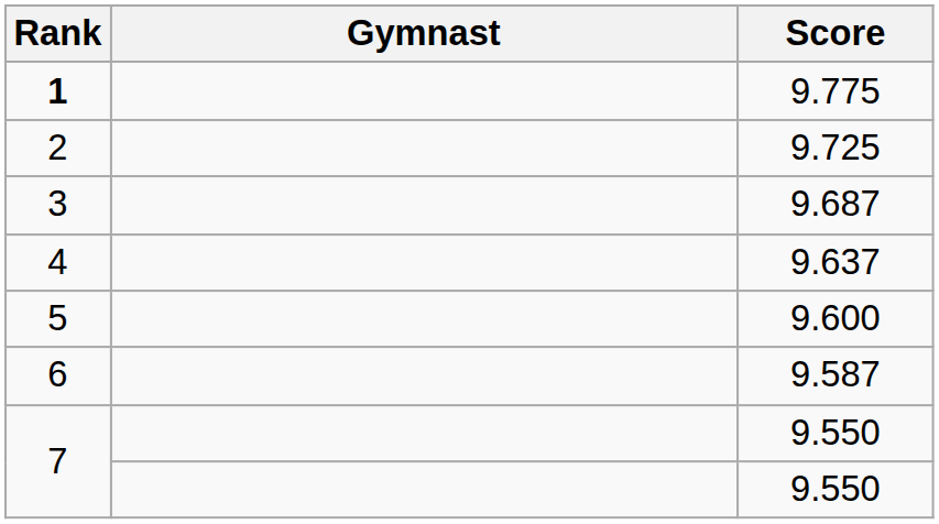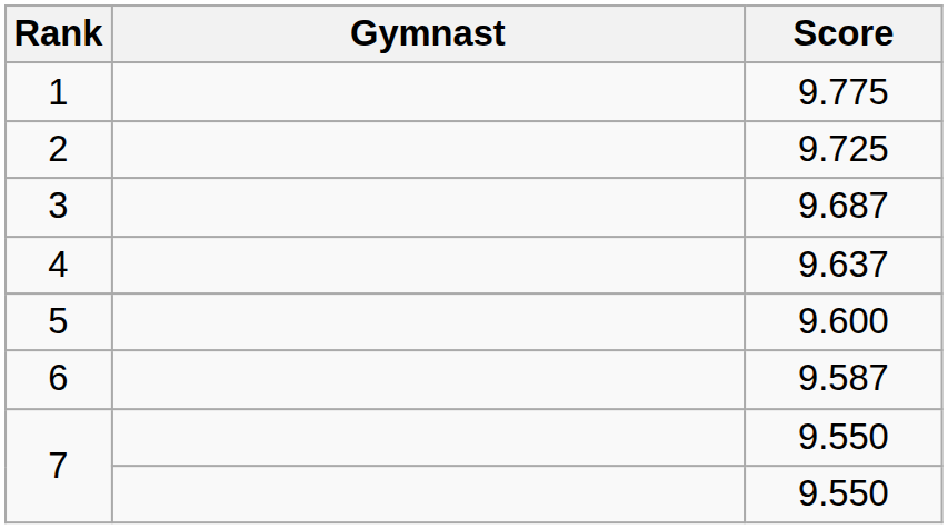 <table class="wikitable" style="text-align:center">
 <tr>
 <th>Rank</th>
 <th style="width:17em">Gymnast</th>
 <th style="width:5em">Score</th>
 </tr>
 <tr>
-<td><strong>1</strong></td>
+<td>1</td>
 <td align=left></td>
 <td>9.775</td>
 </tr>
 <tr>
 <td>2</td>
 <td align=left></td>
 <td>9.725</td>
 </tr>
 <tr>
 <td>3</td>
 <td align=left></td>
 <td>9.687</td>
 </tr>
 <tr>
 <td>4</td>
 <td align=left></td>
 <td>9.637</td>
 </tr>
 <tr>
 <td>5</td>
 <td align=left></td>
 <td>9.600</td>
 </tr>
 <tr>
 <td>6</td>
 <td align=left></td>
 <td>9.587</td>
 </tr>
 <tr>
 <td rowspan=2>7</td>
 <td align=left></td>
 <td>9.550</td>
 </tr>
 <tr>
 <td align=left></td>
 <td>9.550</td>
 </tr>
 </table>
